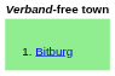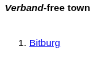 <table>
 <tr>
 <th><em>Verband</em>-free town</th>
 </tr>
 <tr>
-<td style="background: lightgreen;"><br><ol><li><a href='#'>Bitburg</a></li></ol></td>
+<td><br><ol><li><a href='#'>Bitburg</a></li></ol></td>
 </tr>
 </table>
